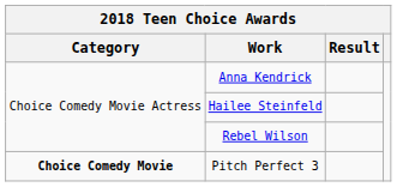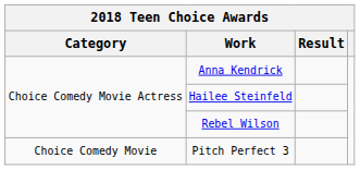 <table class="wikitable" style="margin:1em auto; font-size:100%; line-height:20px; text-align:center">
 <tr>
 <th colspan="4">2018 Teen Choice Awards</th>
 </tr>
 <tr>
 <th>Category</th>
 <th>Work</th>
 <th>Result</th>
 <th></th>
 </tr>
 <tr>
 <td rowspan="3"><small>Choice Comedy Movie Actress</small></td>
 <td><a href='#'><small>Anna Kendrick</small></a></td>
 <td></td>
 <td rowspan="4"></td>
 </tr>
 <tr>
 <td><a href='#'><small>Hailee Steinfeld</small></a></td>
 <td></td>
 </tr>
 <tr>
 <td><a href='#'><small>Rebel Wilson</small></a></td>
 <td></td>
 </tr>
 <tr>
-<td><strong><small>Choice Comedy Movie</small></strong></td>
+<td><small>Choice Comedy Movie</small></td>
 <td><small>Pitch Perfect 3</small></td>
 <td></td>
 </tr>
 </table>
